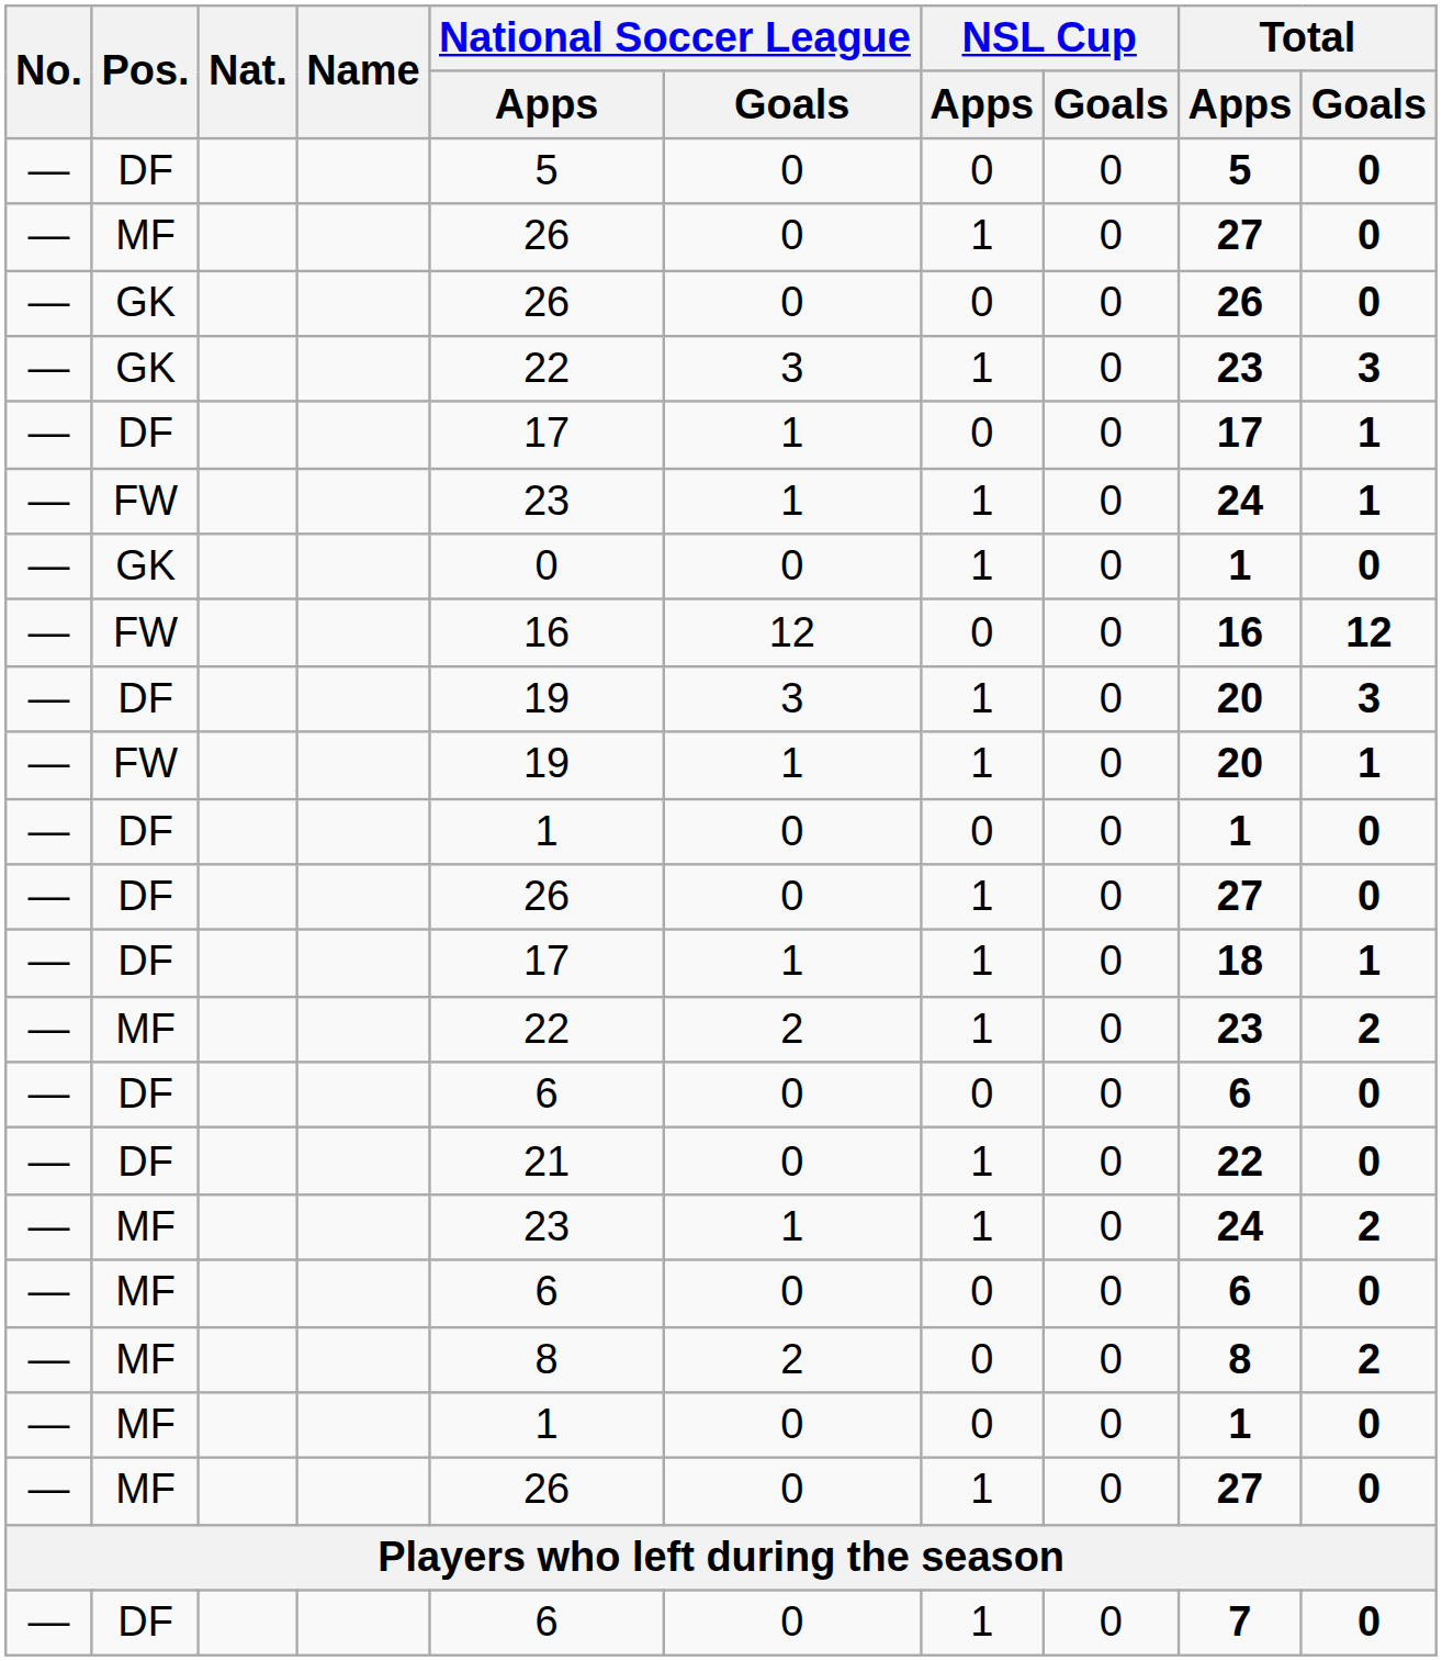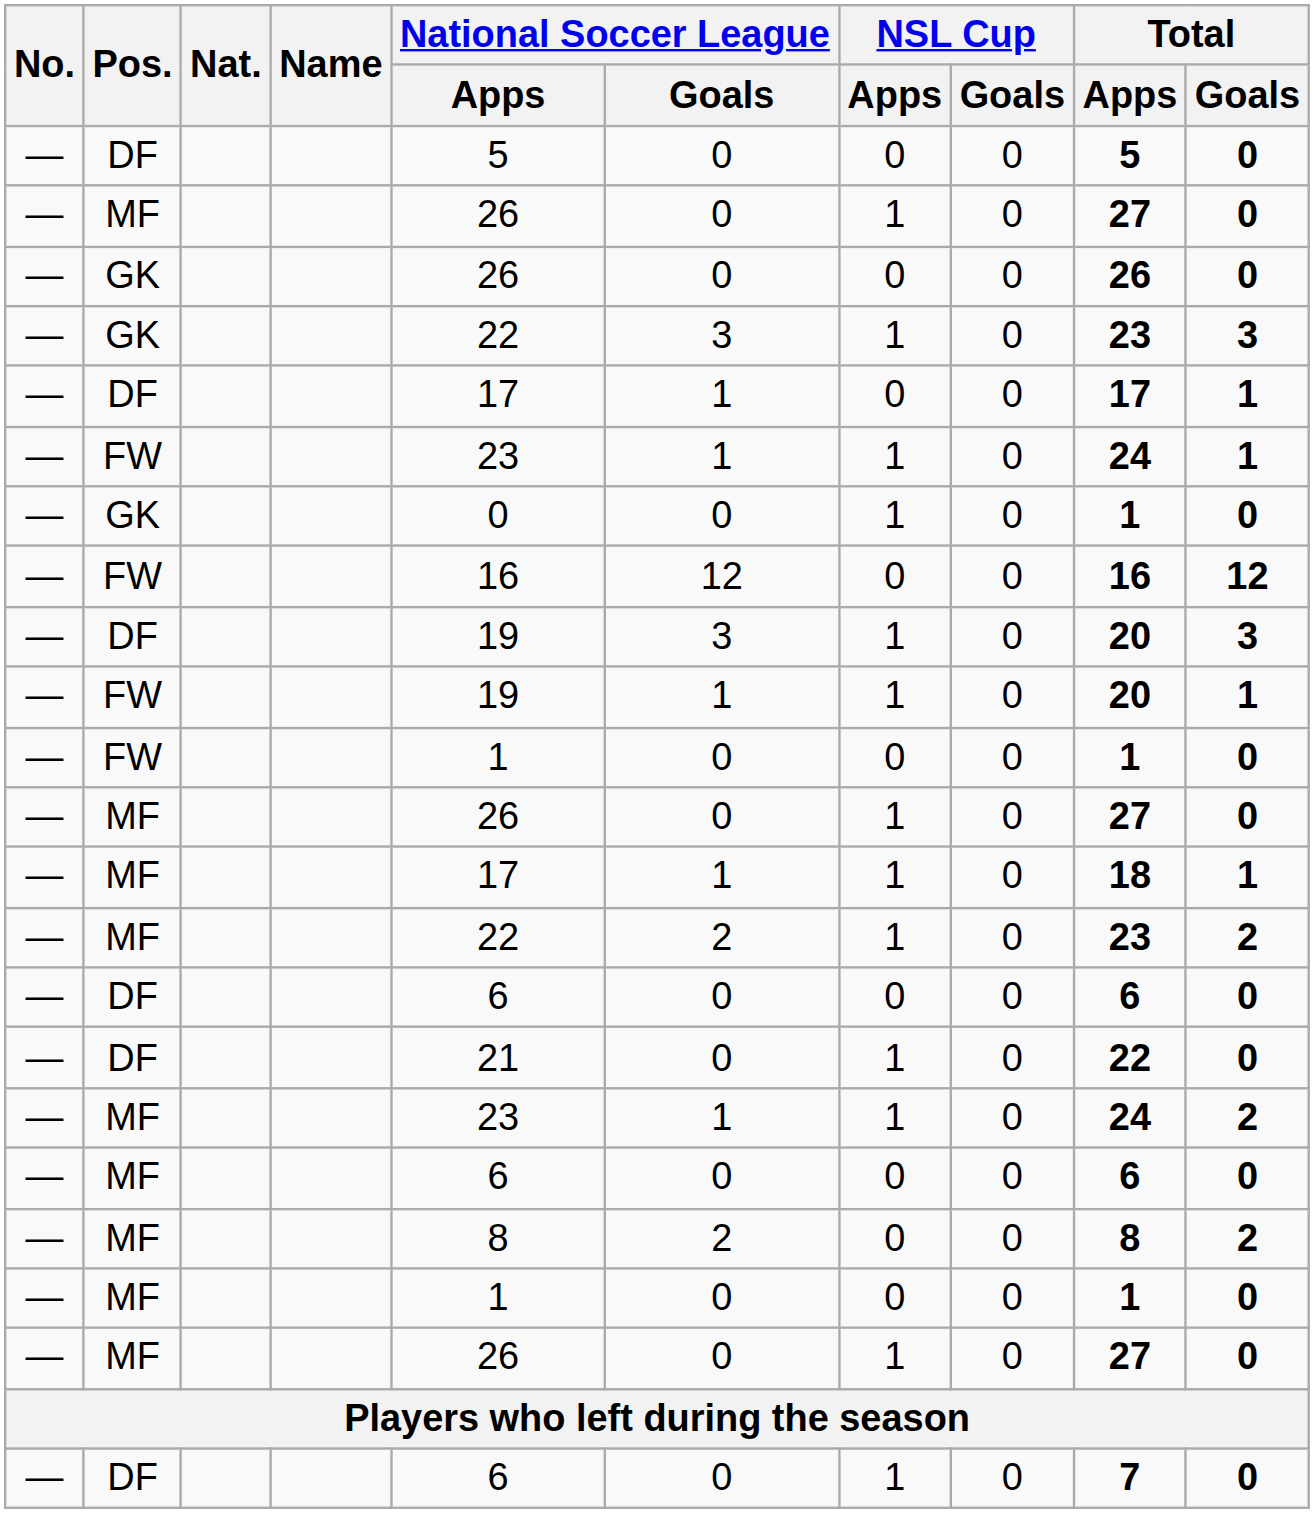 <table class="wikitable sortable" style="text-align:center">
 <tr>
 <th rowspan="2">No.</th>
 <th rowspan="2">Pos.</th>
 <th rowspan="2">Nat.</th>
 <th rowspan="2">Name</th>
 <th colspan="2"><a href='#'>National Soccer League</a></th>
 <th colspan="2"><a href='#'>NSL Cup</a></th>
 <th colspan="2">Total</th>
 </tr>
 <tr>
 <th>Apps</th>
 <th>Goals</th>
 <th>Apps</th>
 <th>Goals</th>
 <th>Apps</th>
 <th>Goals</th>
 </tr>
 <tr>
 <td>—</td>
 <td>DF</td>
 <td></td>
 <td align=left></td>
 <td>5</td>
 <td>0</td>
 <td>0</td>
 <td>0</td>
 <td><strong>5</strong></td>
 <td><strong>0</strong></td>
 </tr>
 <tr>
 <td>—</td>
 <td>MF</td>
 <td></td>
 <td align=left></td>
 <td>26</td>
 <td>0</td>
 <td>1</td>
 <td>0</td>
 <td><strong>27</strong></td>
 <td><strong>0</strong></td>
 </tr>
 <tr>
 <td>—</td>
 <td>GK</td>
 <td></td>
 <td align=left></td>
 <td>26</td>
 <td>0</td>
 <td>0</td>
 <td>0</td>
 <td><strong>26</strong></td>
 <td><strong>0</strong></td>
 </tr>
 <tr>
 <td>—</td>
 <td>GK</td>
 <td></td>
 <td align=left></td>
 <td>22</td>
 <td>3</td>
 <td>1</td>
 <td>0</td>
 <td><strong>23</strong></td>
 <td><strong>3</strong></td>
 </tr>
 <tr>
 <td>—</td>
 <td>DF</td>
 <td></td>
 <td align=left></td>
 <td>17</td>
 <td>1</td>
 <td>0</td>
 <td>0</td>
 <td><strong>17</strong></td>
 <td><strong>1</strong></td>
 </tr>
 <tr>
 <td>—</td>
 <td>FW</td>
 <td></td>
 <td align=left></td>
 <td>23</td>
 <td>1</td>
 <td>1</td>
 <td>0</td>
 <td><strong>24</strong></td>
 <td><strong>1</strong></td>
 </tr>
 <tr>
 <td>—</td>
 <td>GK</td>
 <td></td>
 <td align=left></td>
 <td>0</td>
 <td>0</td>
 <td>1</td>
 <td>0</td>
 <td><strong>1</strong></td>
 <td><strong>0</strong></td>
 </tr>
 <tr>
 <td>—</td>
 <td>FW</td>
 <td></td>
 <td align=left></td>
 <td>16</td>
 <td>12</td>
 <td>0</td>
 <td>0</td>
 <td><strong>16</strong></td>
 <td><strong>12</strong></td>
 </tr>
 <tr>
 <td>—</td>
 <td>DF</td>
 <td></td>
 <td align=left></td>
 <td>19</td>
 <td>3</td>
 <td>1</td>
 <td>0</td>
 <td><strong>20</strong></td>
 <td><strong>3</strong></td>
 </tr>
 <tr>
 <td>—</td>
 <td>FW</td>
 <td></td>
 <td align=left></td>
 <td>19</td>
 <td>1</td>
 <td>1</td>
 <td>0</td>
 <td><strong>20</strong></td>
 <td><strong>1</strong></td>
 </tr>
 <tr>
 <td>—</td>
-<td>DF</td>
+<td>FW</td>
 <td></td>
 <td align=left></td>
 <td>1</td>
 <td>0</td>
 <td>0</td>
 <td>0</td>
 <td><strong>1</strong></td>
 <td><strong>0</strong></td>
 </tr>
 <tr>
 <td>—</td>
-<td>DF</td>
+<td>MF</td>
 <td></td>
 <td align=left></td>
 <td>26</td>
 <td>0</td>
 <td>1</td>
 <td>0</td>
 <td><strong>27</strong></td>
 <td><strong>0</strong></td>
 </tr>
 <tr>
 <td>—</td>
-<td>DF</td>
+<td>MF</td>
 <td></td>
 <td align=left></td>
 <td>17</td>
 <td>1</td>
 <td>1</td>
 <td>0</td>
 <td><strong>18</strong></td>
 <td><strong>1</strong></td>
 </tr>
 <tr>
 <td>—</td>
 <td>MF</td>
 <td></td>
 <td align=left></td>
 <td>22</td>
 <td>2</td>
 <td>1</td>
 <td>0</td>
 <td><strong>23</strong></td>
 <td><strong>2</strong></td>
 </tr>
 <tr>
 <td>—</td>
 <td>DF</td>
 <td></td>
 <td align=left></td>
 <td>6</td>
 <td>0</td>
 <td>0</td>
 <td>0</td>
 <td><strong>6</strong></td>
 <td><strong>0</strong></td>
 </tr>
 <tr>
 <td>—</td>
 <td>DF</td>
 <td></td>
 <td align=left></td>
 <td>21</td>
 <td>0</td>
 <td>1</td>
 <td>0</td>
 <td><strong>22</strong></td>
 <td><strong>0</strong></td>
 </tr>
 <tr>
 <td>—</td>
 <td>MF</td>
 <td></td>
 <td align=left></td>
 <td>23</td>
 <td>1</td>
 <td>1</td>
 <td>0</td>
 <td><strong>24</strong></td>
 <td><strong>2</strong></td>
 </tr>
 <tr>
 <td>—</td>
 <td>MF</td>
 <td></td>
 <td align=left></td>
 <td>6</td>
 <td>0</td>
 <td>0</td>
 <td>0</td>
 <td><strong>6</strong></td>
 <td><strong>0</strong></td>
 </tr>
 <tr>
 <td>—</td>
 <td>MF</td>
 <td></td>
 <td align=left></td>
 <td>8</td>
 <td>2</td>
 <td>0</td>
 <td>0</td>
 <td><strong>8</strong></td>
 <td><strong>2</strong></td>
 </tr>
 <tr>
 <td>—</td>
 <td>MF</td>
 <td></td>
 <td align=left></td>
 <td>1</td>
 <td>0</td>
 <td>0</td>
 <td>0</td>
 <td><strong>1</strong></td>
 <td><strong>0</strong></td>
 </tr>
 <tr>
 <td>—</td>
 <td>MF</td>
 <td></td>
 <td align=left></td>
 <td>26</td>
 <td>0</td>
 <td>1</td>
 <td>0</td>
 <td><strong>27</strong></td>
 <td><strong>0</strong></td>
 </tr>
 <tr>
 <th colspan="17">Players who left during the season</th>
 </tr>
 <tr>
 <td>—</td>
 <td>DF</td>
 <td></td>
 <td align=left></td>
 <td>6</td>
 <td>0</td>
 <td>1</td>
 <td>0</td>
 <td><strong>7</strong></td>
 <td><strong>0</strong></td>
 </tr>
 </table>
